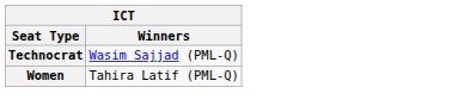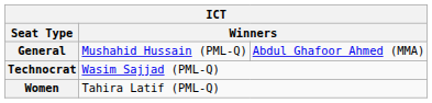 <table class="wikitable">
 <tr>
 <th colspan="3">ICT</th>
 </tr>
 <tr>
 <th>Seat Type</th>
 <th colspan="2">Winners</th>
+</tr>
+<tr>
+<th>General</th>
+<td style="background:"><a href='#'>Mushahid Hussain</a> (PML-Q)</td>
+<td style="background:"><a href='#'>Abdul Ghafoor Ahmed</a> (MMA)</td>
 </tr>
 <tr>
 <th>Technocrat</th>
 <td colspan="2" style="background:"><a href='#'>Wasim Sajjad</a> (PML-Q)</td>
 </tr>
 <tr>
 <th>Women</th>
 <td colspan="2" style="background:">Tahira Latif (PML-Q)</td>
 </tr>
 </table>
